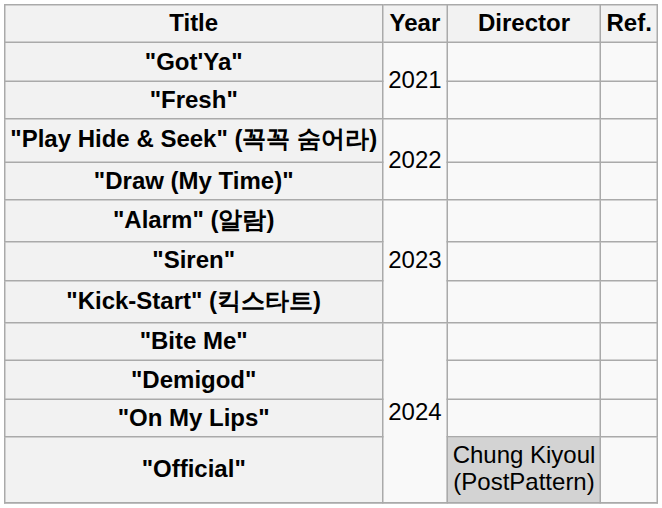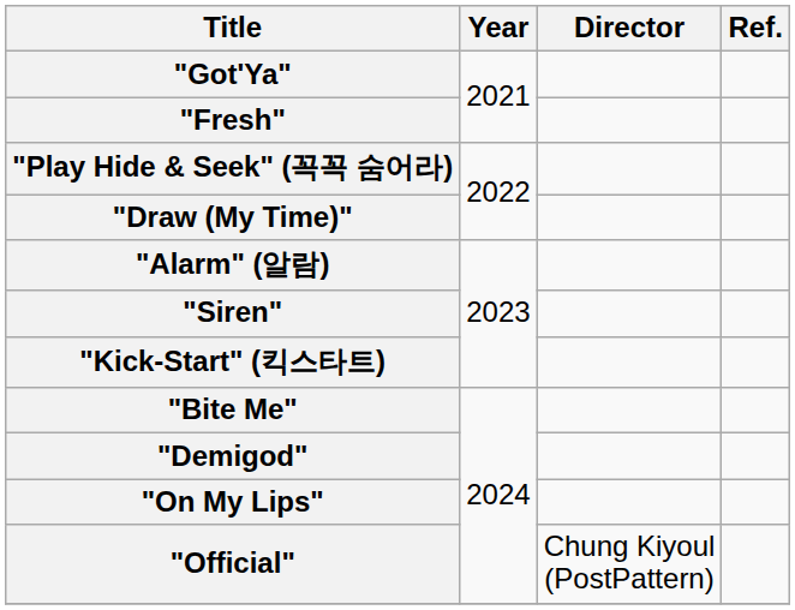 <table class="wikitable plainrowheaders" style="text-align:center; table-layout:fixed; margin-right:0">
 <tr>
 <th>Title</th>
 <th>Year</th>
 <th>Director</th>
 <th>Ref.</th>
 </tr>
 <tr>
 <th scope="row">"Got'Ya"</th>
 <td rowspan="2">2021</td>
 <td></td>
 <td></td>
 </tr>
 <tr>
 <th scope="row">"Fresh"</th>
 <td></td>
 <td></td>
 </tr>
 <tr>
 <th scope="row">"Play Hide & Seek" (꼭꼭 숨어라)</th>
 <td rowspan="2">2022</td>
 <td></td>
 <td></td>
 </tr>
 <tr>
 <th scope="row">"Draw (My Time)"</th>
 <td></td>
 <td></td>
 </tr>
 <tr>
 <th scope="row">"Alarm" (알람)</th>
 <td rowspan="3">2023</td>
 <td></td>
 <td></td>
 </tr>
 <tr>
 <th scope="row">"Siren"</th>
 <td></td>
 <td></td>
 </tr>
 <tr>
 <th scope="row">"Kick-Start" (킥스타트)</th>
 <td></td>
 </tr>
 <tr>
 <th scope="row">"Bite Me"</th>
 <td rowspan="4">2024</td>
 <td></td>
 <td></td>
 </tr>
 <tr>
 <th scope="row">"Demigod"</th>
 <td></td>
 <td></td>
 </tr>
 <tr>
 <th scope="row">"On My Lips"</th>
 <td></td>
 <td></td>
 </tr>
 <tr>
 <th scope="row">"Official"</th>
-<td style="background: lightgrey;">Chung Kiyoul<br>(PostPattern)</td>
+<td>Chung Kiyoul<br>(PostPattern)</td>
 <td></td>
 </tr>
 <tr>
 </tr>
 </table>
